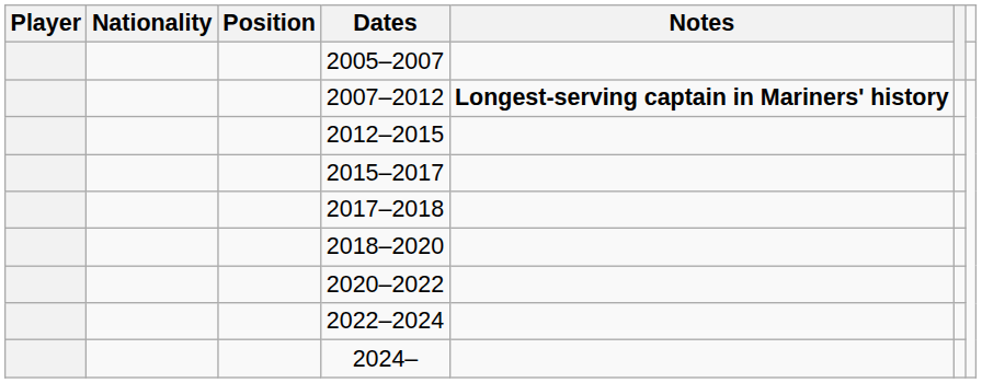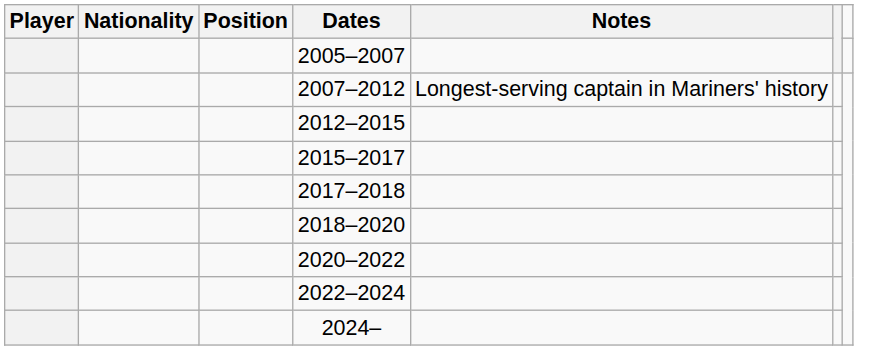 <table class="wikitable plainrowheaders sortable" style="text-align:center">
 <tr>
 <th scope="col">Player</th>
 <th scope="col">Nationality</th>
 <th scope="col">Position</th>
 <th scope="col">Dates</th>
 <th scope="col">Notes</th>
 <th scope="col" rowspan="2" class="unsortable"></th>
 </tr>
 <tr>
 <th scope="row" align="left"></th>
 <td align=left></td>
 <td></td>
 <td>2005–2007</td>
 <td></td>
 <td></td>
 </tr>
 <tr>
 <th scope="row" align="left"></th>
 <td align=left></td>
 <td></td>
 <td>2007–2012</td>
-<td><strong>Longest-serving captain in Mariners' history</strong></td>
+<td>Longest-serving captain in Mariners' history</td>
 <td></td>
 </tr>
 <tr>
 <th scope="row" align="left"></th>
 <td align=left></td>
 <td></td>
 <td>2012–2015</td>
 <td></td>
 <td></td>
 </tr>
 <tr>
 <th scope="row" align="left"></th>
 <td align=left></td>
 <td></td>
 <td align="left">2015–2017</td>
 <td></td>
 <td></td>
 </tr>
 <tr>
 <th scope="row" align="left"></th>
 <td align=left></td>
 <td></td>
 <td align=left>2017–2018</td>
 <td></td>
 <td></td>
 </tr>
 <tr>
 <th scope="row" align="left"></th>
 <td align=left></td>
 <td></td>
 <td align=left>2018–2020</td>
 <td></td>
 <td></td>
 </tr>
 <tr>
 <th scope=row align=left></th>
 <td align=left></td>
 <td></td>
 <td align=left>2020–2022</td>
 <td></td>
 <td></td>
 </tr>
 <tr>
 <th scope=row align=left></th>
 <td align=left></td>
 <td></td>
 <td align=center>2022–2024</td>
 <td></td>
 <td></td>
 </tr>
 <tr>
 <th scope=row align=left></th>
 <td align=left></td>
 <td></td>
 <td align=center>2024–</td>
 <td></td>
 <td></td>
 </tr>
 </table>
